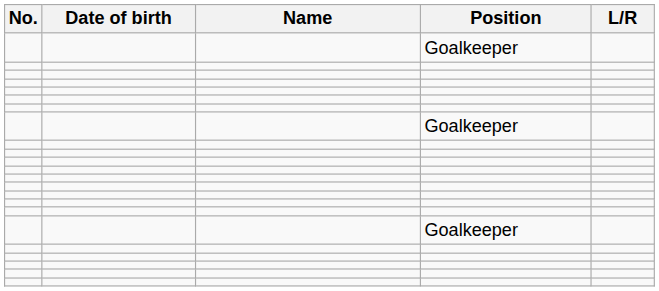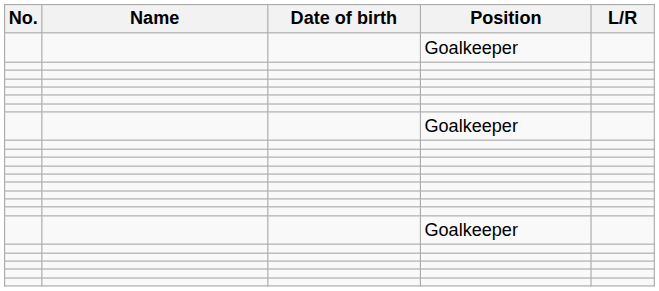 <table class="wikitable sortable" style=font-size:100%; text-align:center;>
 <tr>
 <th>No.</th>
+<th style=width:12em>Name</th>
 <th style=width:8em>Date of birth</th>
-<th style=width:12em>Name</th>
 <th style=width:9em>Position</th>
 <th style=width:3em>L/R</th>
 </tr>
 <tr>
 <td></td>
+<td align=left></td>
 <td align=right></td>
-<td align=left></td>
 <td>Goalkeeper</td>
 <td></td>
 </tr>
 <tr>
 <td></td>
+<td align=left></td>
 <td align=right></td>
-<td align=left></td>
 <td></td>
 <td></td>
 </tr>
 <tr>
 <td></td>
+<td align=left></td>
 <td align=right></td>
-<td align=left></td>
 <td></td>
 <td></td>
 </tr>
 <tr>
 <td></td>
+<td align=left></td>
 <td align=right></td>
-<td align=left></td>
 <td></td>
 <td></td>
 </tr>
 <tr>
 <td></td>
+<td align=left></td>
 <td align=right></td>
-<td align=left></td>
 <td></td>
 <td></td>
 </tr>
 <tr>
 <td></td>
+<td align=left></td>
 <td align=right></td>
-<td align=left></td>
 <td></td>
 <td></td>
 </tr>
 <tr>
 <td></td>
+<td align=left></td>
 <td align=right></td>
-<td align=left></td>
 <td></td>
 <td></td>
 </tr>
 <tr>
 <td></td>
+<td align=left></td>
 <td align=right></td>
-<td align=left></td>
 <td>Goalkeeper</td>
 <td></td>
 </tr>
 <tr>
 <td></td>
+<td align=left></td>
 <td align=right></td>
-<td align=left></td>
 <td></td>
 <td></td>
 </tr>
 <tr>
 <td></td>
+<td align=left></td>
 <td align=right></td>
-<td align=left></td>
 <td></td>
 <td></td>
 </tr>
 <tr>
 <td></td>
+<td align=left></td>
 <td align=right></td>
-<td align=left></td>
 <td></td>
 <td></td>
 </tr>
 <tr>
 <td></td>
+<td align=left></td>
 <td align=right></td>
-<td align=left></td>
 <td></td>
 <td></td>
 </tr>
 <tr>
 <td></td>
+<td align=left></td>
 <td align=right></td>
-<td align=left></td>
 <td></td>
 <td></td>
 </tr>
 <tr>
 <td></td>
+<td align=left></td>
 <td align=right></td>
-<td align=left></td>
 <td></td>
 <td></td>
 </tr>
 <tr>
 <td></td>
+<td align=left></td>
 <td align=right></td>
-<td align=left></td>
 <td></td>
 <td></td>
 </tr>
 <tr>
 <td></td>
+<td align=left></td>
 <td align=right></td>
-<td align=left></td>
 <td></td>
 <td></td>
 </tr>
 <tr>
 <td></td>
+<td align=left></td>
 <td align=right></td>
-<td align=left></td>
 <td></td>
 <td></td>
 </tr>
 <tr>
 <td></td>
+<td align=left></td>
 <td align=right></td>
-<td align=left></td>
 <td>Goalkeeper</td>
 <td></td>
 </tr>
 <tr>
 <td></td>
+<td align=left></td>
 <td align=right></td>
-<td align=left></td>
 <td></td>
 <td></td>
 </tr>
 <tr>
 <td></td>
+<td align=left></td>
 <td align=right></td>
-<td align=left></td>
 <td></td>
 <td></td>
 </tr>
 <tr>
 <td></td>
+<td align=left></td>
 <td align=right></td>
-<td align=left></td>
 <td></td>
 <td></td>
 </tr>
 <tr>
 <td></td>
+<td align=left></td>
 <td align=right></td>
-<td align=left></td>
 <td></td>
 <td></td>
 </tr>
 <tr>
 <td></td>
+<td align=left></td>
 <td align=right></td>
-<td align=left></td>
 <td></td>
 <td></td>
 </tr>
 </table>
